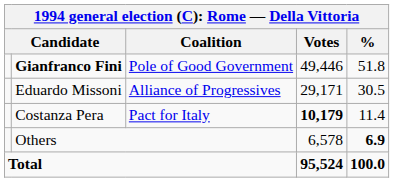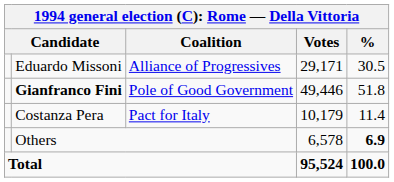 <table class=wikitable style=text-align:right>
 <tr>
 <th colspan=5><a href='#'>1994 general election</a> (<a href='#'>C</a>): <a href='#'>Rome</a> — <a href='#'>Della Vittoria</a></th>
 </tr>
 <tr>
 <th colspan=2>Candidate</th>
 <th>Coalition</th>
 <th>Votes</th>
 <th>%</th>
 </tr>
 <tr>
 <td></td>
+<td align=left>Eduardo Missoni</td>
+<td align=left><a href='#'>Alliance of Progressives</a></td>
+<td>29,171</td>
+<td>30.5</td>
+</tr>
+<tr>
+<td></td>
 <td align=left><strong>Gianfranco Fini</strong></td>
 <td align=left><a href='#'>Pole of Good Government</a></td>
 <td>49,446</td>
 <td>51.8</td>
 </tr>
 <tr>
 <td></td>
-<td align=left>Eduardo Missoni</td>
-<td align=left><a href='#'>Alliance of Progressives</a></td>
-<td>29,171</td>
-<td>30.5</td>
-</tr>
-<tr>
-<td></td>
 <td align=left>Costanza Pera</td>
 <td align=left><a href='#'>Pact for Italy</a></td>
-<td><strong>10,179</strong></td>
+<td>10,179</td>
 <td>11.4</td>
 </tr>
 <tr>
 <td></td>
 <td align=left colspan=2>Others</td>
 <td>6,578</td>
 <td><strong>6.9</strong></td>
 </tr>
 <tr>
 <td align=left colspan=3><strong>Total</strong></td>
 <td><strong>95,524</strong></td>
 <td><strong>100.0</strong></td>
 </tr>
 </table>
